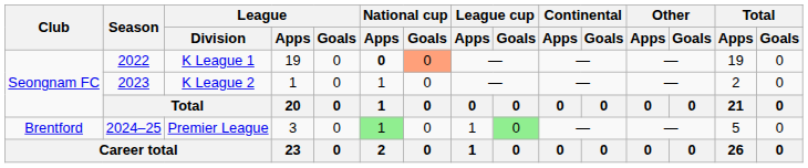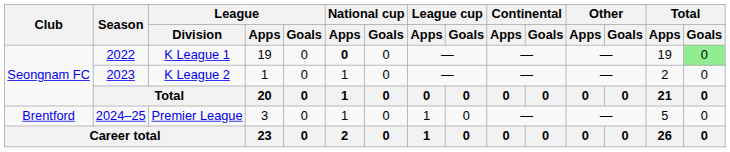 <table class="wikitable" style="text-align:center">
 <tr>
 <th rowspan="2">Club</th>
 <th rowspan="2">Season</th>
 <th colspan="3">League</th>
 <th colspan="2">National cup</th>
 <th colspan="2">League cup</th>
 <th colspan="2">Continental</th>
 <th colspan="2">Other</th>
 <th colspan="2">Total</th>
 </tr>
 <tr>
 <th>Division</th>
 <th>Apps</th>
 <th>Goals</th>
 <th>Apps</th>
 <th>Goals</th>
 <th>Apps</th>
 <th>Goals</th>
 <th>Apps</th>
 <th>Goals</th>
 <th>Apps</th>
 <th>Goals</th>
 <th>Apps</th>
 <th>Goals</th>
 </tr>
 <tr>
 <td rowspan="3"><a href='#'>Seongnam FC</a></td>
 <td><a href='#'>2022</a></td>
 <td><a href='#'>K League 1</a></td>
 <td>19</td>
 <td>0</td>
 <td><strong>0</strong></td>
-<td style="background: lightsalmon;">0</td>
+<td>0</td>
 <td colspan="2">—</td>
 <td colspan="2">—</td>
 <td colspan="2">—</td>
 <td>19</td>
-<td>0</td>
+<td style="background: lightgreen;">0</td>
 </tr>
 <tr>
 <td><a href='#'>2023</a></td>
 <td><a href='#'>K League 2</a></td>
 <td>1</td>
 <td>0</td>
 <td>1</td>
 <td>0</td>
 <td colspan="2">—</td>
 <td colspan="2">—</td>
 <td colspan="2">—</td>
 <td>2</td>
 <td>0</td>
 </tr>
 <tr>
 <th colspan="2">Total</th>
 <th>20</th>
 <th>0</th>
 <th>1</th>
 <th>0</th>
 <th>0</th>
 <th>0</th>
 <th>0</th>
 <th>0</th>
 <th>0</th>
 <th>0</th>
 <th>21</th>
 <th>0</th>
 </tr>
 <tr>
 <td><a href='#'>Brentford</a></td>
 <td><a href='#'>2024–25</a></td>
 <td><a href='#'>Premier League</a></td>
 <td>3</td>
 <td>0</td>
-<td style="background: lightgreen;">1</td>
+<td>1</td>
 <td>0</td>
 <td>1</td>
-<td style="background: lightgreen;">0</td>
+<td>0</td>
 <td colspan="2">―</td>
 <td colspan="2">―</td>
 <td>5</td>
 <td>0</td>
 </tr>
 <tr>
 <th colspan="3">Career total</th>
 <th>23</th>
 <th>0</th>
 <th>2</th>
 <th>0</th>
 <th>1</th>
 <th>0</th>
 <th>0</th>
 <th>0</th>
 <th>0</th>
 <th>0</th>
 <th>26</th>
 <th>0</th>
 </tr>
 </table>
